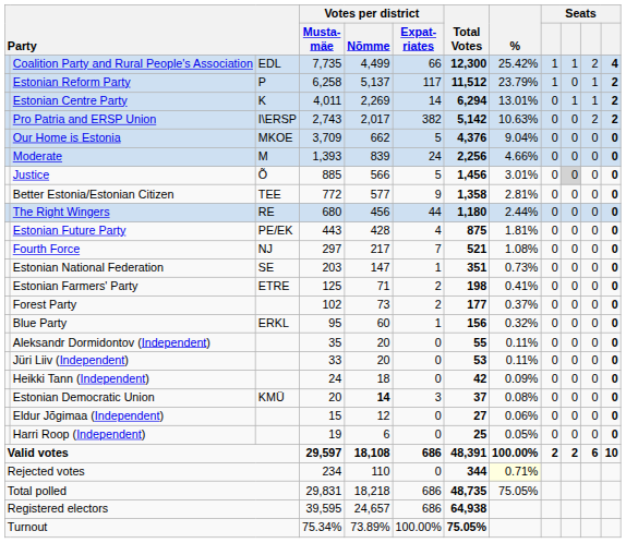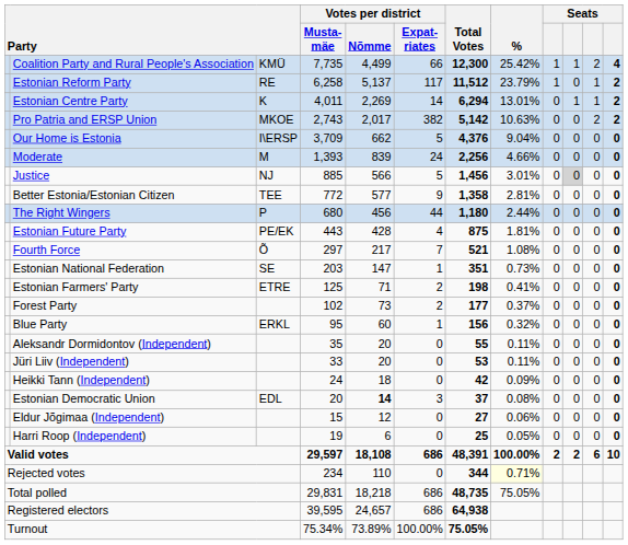 <table class="wikitable" border="1" style="text-align:right;">
 <tr>
 <th style="text-align:left;" valign=bottom rowspan=2 colspan=3>Party</th>
 <th colspan=3>Votes per district</th>
 <th align=center valign=bottom rowspan=2 width="50">Total Votes</th>
 <th align=center valign=bottom rowspan=2 width="50">%</th>
 <th colspan=4>Seats</th>
 </tr>
 <tr>
 <th align=center valign=bottom width="50"><a href='#'>Musta- mäe</a></th>
 <th align=center valign=bottom width="50"><a href='#'>Nõmme</a></th>
 <th align=center valign=bottom width="50"><a href='#'>Expat- riates</a></th>
 <th align=center valign=bottom width="20"><small></small></th>
 <th align=center valign=bottom width="20"><small></small></th>
 <th align=center valign=bottom width="20"><small></small></th>
 <th align=center valign=bottom width="20"><small></small></th>
 </tr>
 <tr style="background:#CEE0F2;">
 <td style="background:"></td>
 <td align=left><a href='#'>Coalition Party and Rural People's Association</a></td>
-<td align=left>EDL</td>
+<td align=left>KMÜ</td>
 <td>7,735</td>
 <td>4,499</td>
 <td>66</td>
 <td><strong>12,300</strong></td>
 <td>25.42%</td>
 <td>1</td>
 <td>1</td>
 <td>2</td>
 <td><strong>4</strong></td>
 </tr>
 <tr style="background:#CEE0F2;">
 <td style="background:"></td>
 <td align=left><a href='#'>Estonian Reform Party</a></td>
-<td align=left>P</td>
+<td align=left>RE</td>
 <td>6,258</td>
 <td>5,137</td>
 <td>117</td>
 <td><strong>11,512</strong></td>
 <td>23.79%</td>
 <td>1</td>
 <td>0</td>
 <td>1</td>
 <td><strong>2</strong></td>
 </tr>
 <tr style="background:#CEE0F2;">
 <td style="background:"></td>
 <td align=left><a href='#'>Estonian Centre Party</a></td>
 <td align=left>K</td>
 <td>4,011</td>
 <td>2,269</td>
 <td>14</td>
 <td><strong>6,294</strong></td>
 <td>13.01%</td>
 <td>0</td>
 <td>1</td>
 <td>1</td>
 <td><strong>2</strong></td>
 </tr>
 <tr style="background:#CEE0F2;">
 <td style="background:"></td>
 <td align=left><a href='#'>Pro Patria and ERSP Union</a></td>
-<td align=left>I\ERSP</td>
+<td align=left>MKOE</td>
 <td>2,743</td>
 <td>2,017</td>
 <td>382</td>
 <td><strong>5,142</strong></td>
 <td>10.63%</td>
 <td>0</td>
 <td>0</td>
 <td>2</td>
 <td><strong>2</strong></td>
 </tr>
 <tr style="background:#CEE0F2;">
 <td style="background:"></td>
 <td align=left><a href='#'>Our Home is Estonia</a></td>
-<td align=left>MKOE</td>
+<td align=left>I\ERSP</td>
 <td>3,709</td>
 <td>662</td>
 <td>5</td>
 <td><strong>4,376</strong></td>
 <td>9.04%</td>
 <td>0</td>
 <td>0</td>
 <td>0</td>
 <td><strong>0</strong></td>
 </tr>
 <tr style="background:#CEE0F2;">
 <td style="background:"></td>
 <td align=left><a href='#'>Moderate</a></td>
 <td align=left>M</td>
 <td>1,393</td>
 <td>839</td>
 <td>24</td>
 <td><strong>2,256</strong></td>
 <td>4.66%</td>
 <td>0</td>
 <td>0</td>
 <td>0</td>
 <td><strong>0</strong></td>
 </tr>
 <tr>
 <td style="background:"></td>
 <td align=left><a href='#'>Justice</a></td>
-<td align=left>Õ</td>
+<td align=left>NJ</td>
 <td>885</td>
 <td>566</td>
 <td>5</td>
 <td><strong>1,456</strong></td>
 <td>3.01%</td>
 <td>0</td>
 <td style="background: lightgrey;">0</td>
 <td>0</td>
 <td><strong>0</strong></td>
 </tr>
 <tr>
 <td></td>
 <td align=left>Better Estonia/Estonian Citizen</td>
 <td align=left>TEE</td>
 <td>772</td>
 <td>577</td>
 <td>9</td>
 <td><strong>1,358</strong></td>
 <td>2.81%</td>
 <td>0</td>
 <td>0</td>
 <td>0</td>
 <td><strong>0</strong></td>
 </tr>
 <tr style="background:#CEE0F2;">
 <td></td>
 <td align=left><a href='#'>The Right Wingers</a></td>
-<td align=left>RE</td>
+<td align=left>P</td>
 <td>680</td>
 <td>456</td>
 <td>44</td>
 <td><strong>1,180</strong></td>
 <td>2.44%</td>
 <td>0</td>
 <td>0</td>
 <td>0</td>
 <td><strong>0</strong></td>
 </tr>
 <tr>
 <td style="background:"></td>
 <td align=left><a href='#'>Estonian Future Party</a></td>
 <td align=left>PE/EK</td>
 <td>443</td>
 <td>428</td>
 <td>4</td>
 <td><strong>875</strong></td>
 <td>1.81%</td>
 <td>0</td>
 <td>0</td>
 <td>0</td>
 <td><strong>0</strong></td>
 </tr>
 <tr>
 <td style="background:"></td>
 <td align=left><a href='#'>Fourth Force</a></td>
-<td align=left>NJ</td>
+<td align=left>Õ</td>
 <td>297</td>
 <td>217</td>
 <td>7</td>
 <td><strong>521</strong></td>
 <td>1.08%</td>
 <td>0</td>
 <td>0</td>
 <td>0</td>
 <td><strong>0</strong></td>
 </tr>
 <tr>
 <td></td>
 <td align=left>Estonian National Federation</td>
 <td align=left>SE</td>
 <td>203</td>
 <td>147</td>
 <td>1</td>
 <td><strong>351</strong></td>
 <td>0.73%</td>
 <td>0</td>
 <td>0</td>
 <td>0</td>
 <td><strong>0</strong></td>
 </tr>
 <tr>
 <td></td>
 <td align=left>Estonian Farmers' Party</td>
 <td align=left>ETRE</td>
 <td>125</td>
 <td>71</td>
 <td>2</td>
 <td><strong>198</strong></td>
 <td>0.41%</td>
 <td>0</td>
 <td>0</td>
 <td>0</td>
 <td><strong>0</strong></td>
 </tr>
 <tr>
 <td></td>
 <td align=left>Forest Party</td>
 <td></td>
 <td>102</td>
 <td>73</td>
 <td>2</td>
 <td><strong>177</strong></td>
 <td>0.37%</td>
 <td>0</td>
 <td>0</td>
 <td>0</td>
 <td><strong>0</strong></td>
 </tr>
 <tr>
 <td></td>
 <td align=left>Blue Party</td>
 <td align=left>ERKL</td>
 <td>95</td>
 <td>60</td>
 <td>1</td>
 <td><strong>156</strong></td>
 <td>0.32%</td>
 <td>0</td>
 <td>0</td>
 <td>0</td>
 <td><strong>0</strong></td>
 </tr>
 <tr>
 <td style="background:"></td>
 <td align=left>Aleksandr Dormidontov (<a href='#'>Independent</a>)</td>
 <td></td>
 <td>35</td>
 <td>20</td>
 <td>0</td>
 <td><strong>55</strong></td>
 <td>0.11%</td>
 <td>0</td>
 <td>0</td>
 <td>0</td>
 <td><strong>0</strong></td>
 </tr>
 <tr>
 <td style="background:"></td>
 <td align=left>Jüri Liiv (<a href='#'>Independent</a>)</td>
 <td></td>
 <td>33</td>
 <td>20</td>
 <td>0</td>
 <td><strong>53</strong></td>
 <td>0.11%</td>
 <td>0</td>
 <td>0</td>
 <td>0</td>
 <td><strong>0</strong></td>
 </tr>
 <tr>
 <td style="background:"></td>
 <td align=left>Heikki Tann (<a href='#'>Independent</a>)</td>
 <td></td>
 <td>24</td>
 <td>18</td>
 <td>0</td>
 <td><strong>42</strong></td>
 <td>0.09%</td>
 <td>0</td>
 <td>0</td>
 <td>0</td>
 <td><strong>0</strong></td>
 </tr>
 <tr>
 <td></td>
 <td align=left>Estonian Democratic Union</td>
-<td align=left>KMÜ</td>
+<td align=left>EDL</td>
 <td>20</td>
 <td><strong>14</strong></td>
 <td>3</td>
 <td><strong>37</strong></td>
 <td>0.08%</td>
 <td>0</td>
 <td>0</td>
 <td>0</td>
 <td><strong>0</strong></td>
 </tr>
 <tr>
 <td style="background:"></td>
 <td align=left>Eldur Jõgimaa (<a href='#'>Independent</a>)</td>
 <td></td>
 <td>15</td>
 <td>12</td>
 <td>0</td>
 <td><strong>27</strong></td>
 <td>0.06%</td>
 <td>0</td>
 <td>0</td>
 <td>0</td>
 <td><strong>0</strong></td>
 </tr>
 <tr>
 <td style="background:"></td>
 <td align=left>Harri Roop (<a href='#'>Independent</a>)</td>
 <td></td>
 <td>19</td>
 <td>6</td>
 <td>0</td>
 <td><strong>25</strong></td>
 <td>0.05%</td>
 <td>0</td>
 <td>0</td>
 <td>0</td>
 <td><strong>0</strong></td>
 </tr>
 <tr style="font-weight:bold">
 <td align=left colspan=3>Valid votes</td>
 <td>29,597</td>
 <td>18,108</td>
 <td>686</td>
 <td>48,391</td>
 <td>100.00%</td>
 <td>2</td>
 <td>2</td>
 <td>6</td>
 <td>10</td>
 </tr>
 <tr>
 <td align=left colspan=3>Rejected votes</td>
 <td>234</td>
 <td>110</td>
 <td>0</td>
 <td><strong>344</strong></td>
 <td style="background: lightyellow;">0.71%</td>
 <td></td>
 <td></td>
 <td></td>
 <td></td>
 </tr>
 <tr>
 <td align=left colspan=3>Total polled</td>
 <td>29,831</td>
 <td>18,218</td>
 <td>686</td>
 <td><strong>48,735</strong></td>
 <td>75.05%</td>
 <td></td>
 <td></td>
 <td></td>
 <td></td>
 </tr>
 <tr>
 <td align=left colspan=3>Registered electors</td>
 <td>39,595</td>
 <td>24,657</td>
 <td>686</td>
 <td><strong>64,938</strong></td>
 <td></td>
 <td></td>
 <td></td>
 <td></td>
 <td></td>
 </tr>
 <tr>
 <td align=left colspan=3>Turnout</td>
 <td>75.34%</td>
 <td>73.89%</td>
 <td>100.00%</td>
 <td><strong>75.05%</strong></td>
 <td></td>
 <td></td>
 <td></td>
 <td></td>
 <td></td>
 </tr>
 </table>
